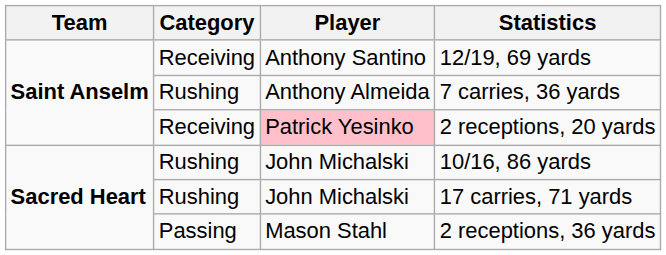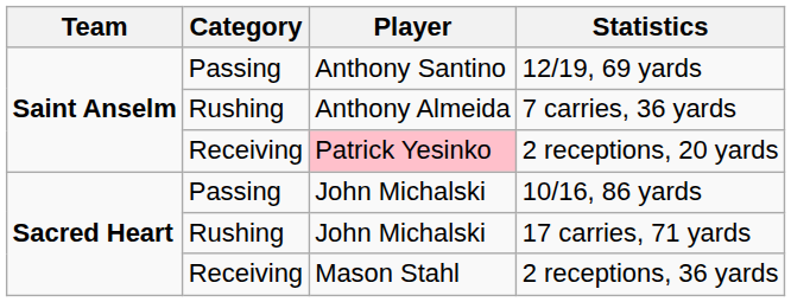 <table class="wikitable" style="float: right;">
 <tr>
 <th>Team</th>
 <th>Category</th>
 <th>Player</th>
 <th>Statistics</th>
 </tr>
 <tr>
 <td rowspan=3><strong>Saint Anselm</strong></td>
-<td>Receiving</td>
+<td>Passing</td>
 <td>Anthony Santino</td>
 <td>12/19, 69 yards</td>
 </tr>
 <tr>
 <td>Rushing</td>
 <td>Anthony Almeida</td>
 <td>7 carries, 36 yards</td>
 </tr>
 <tr>
 <td>Receiving</td>
 <td style="background: pink;">Patrick Yesinko</td>
 <td>2 receptions, 20 yards</td>
 </tr>
 <tr>
 <td rowspan=3><strong>Sacred Heart</strong></td>
-<td>Rushing</td>
+<td>Passing</td>
 <td>John Michalski</td>
 <td>10/16, 86 yards</td>
 </tr>
 <tr>
 <td>Rushing</td>
 <td>John Michalski</td>
 <td>17 carries, 71 yards</td>
 </tr>
 <tr>
-<td>Passing</td>
+<td>Receiving</td>
 <td>Mason Stahl</td>
 <td>2 receptions, 36 yards</td>
 </tr>
 </table>
